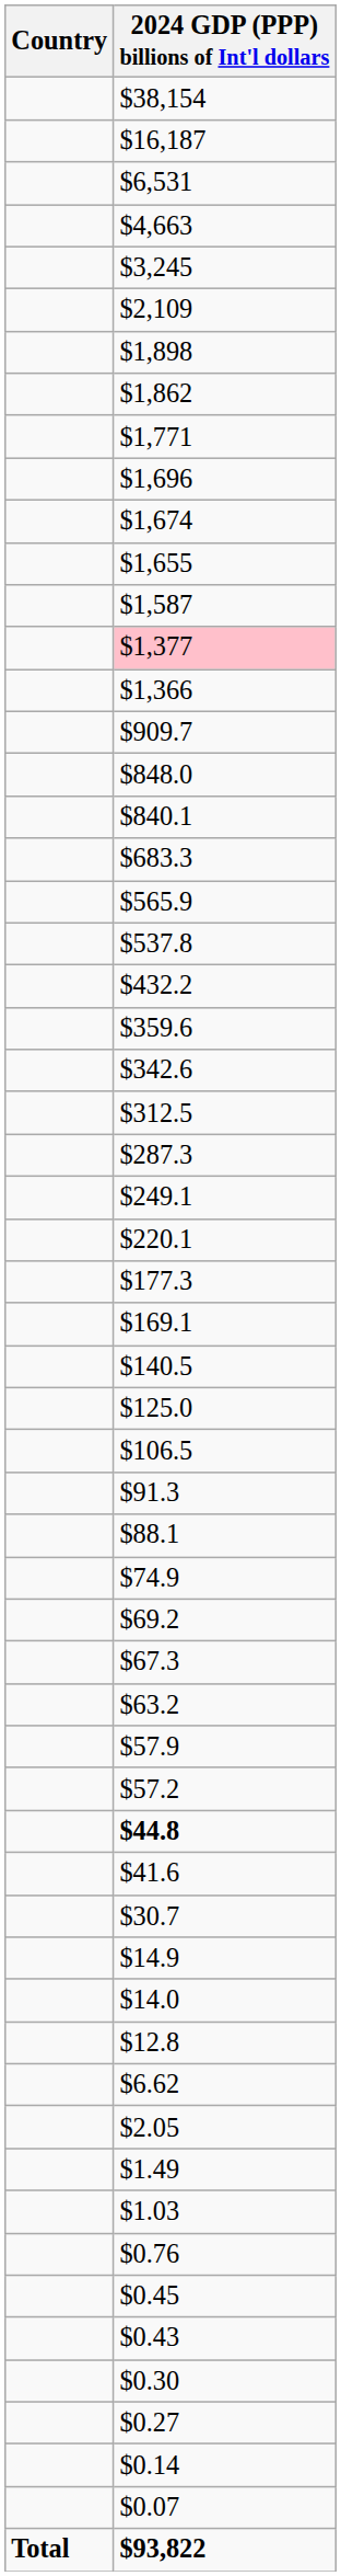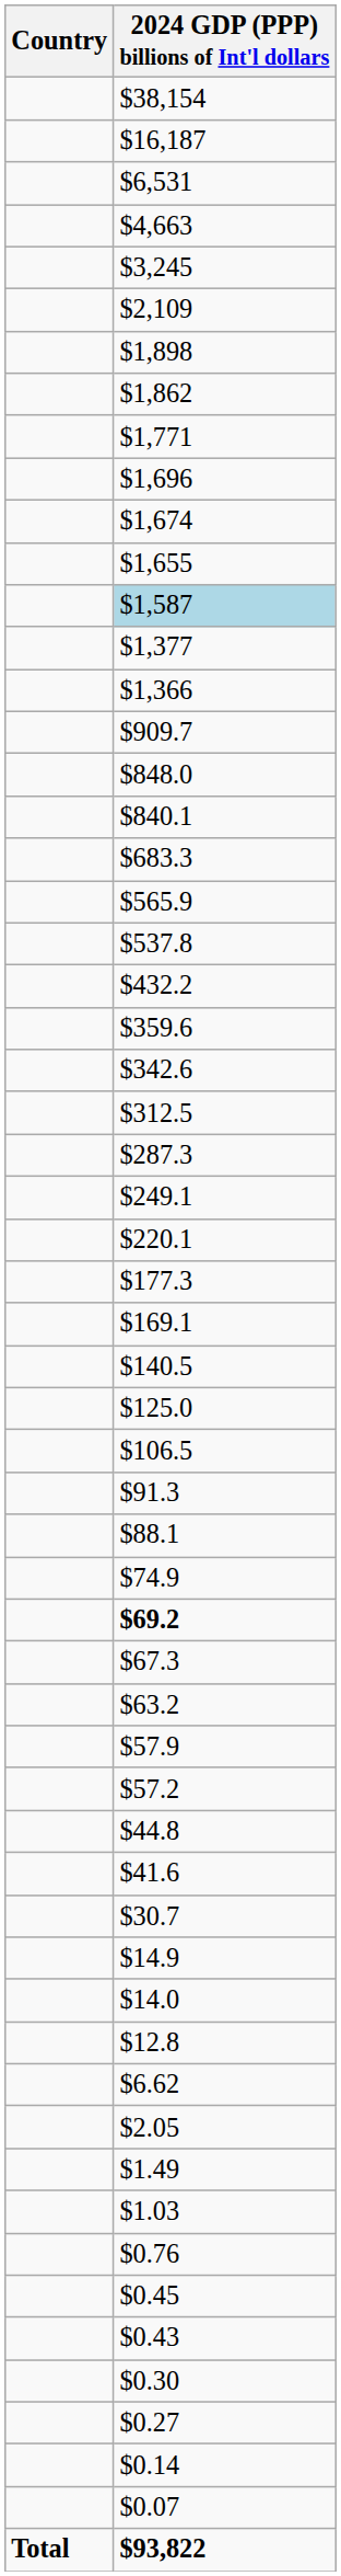 <table class="sortable wikitable sticky-header static-row-numbers col1left" >
 <tr>
 <th>Country</th>
 <th>2024 GDP (PPP)<br><small>billions of <a href='#'>Int'l dollars</a></small></th>
 </tr>
 <tr>
 <td></td>
 <td>$38,154</td>
 </tr>
 <tr>
 <td></td>
 <td>$16,187</td>
 </tr>
 <tr>
 <td></td>
 <td>$6,531</td>
 </tr>
 <tr>
 <td></td>
 <td>$4,663</td>
 </tr>
 <tr>
 <td></td>
 <td>$3,245</td>
 </tr>
 <tr>
 <td></td>
 <td>$2,109</td>
 </tr>
 <tr>
 <td></td>
 <td>$1,898</td>
 </tr>
 <tr>
 <td></td>
 <td>$1,862</td>
 </tr>
 <tr>
 <td></td>
 <td>$1,771</td>
 </tr>
 <tr>
 <td></td>
 <td>$1,696</td>
 </tr>
 <tr>
 <td></td>
 <td>$1,674</td>
 </tr>
 <tr>
 <td></td>
 <td>$1,655</td>
 </tr>
 <tr>
 <td></td>
-<td>$1,587</td>
+<td style="background: lightblue;">$1,587</td>
 </tr>
 <tr>
 <td></td>
-<td style="background: pink;">$1,377</td>
+<td>$1,377</td>
 </tr>
 <tr>
 <td></td>
 <td>$1,366</td>
 </tr>
 <tr>
 <td></td>
 <td>$909.7</td>
 </tr>
 <tr>
 <td></td>
 <td>$848.0</td>
 </tr>
 <tr>
 <td></td>
 <td>$840.1</td>
 </tr>
 <tr>
 <td></td>
 <td>$683.3</td>
 </tr>
 <tr>
 <td></td>
 <td>$565.9</td>
 </tr>
 <tr>
 <td></td>
 <td>$537.8</td>
 </tr>
 <tr>
 <td></td>
 <td>$432.2</td>
 </tr>
 <tr>
 <td></td>
 <td>$359.6</td>
 </tr>
 <tr>
 <td></td>
 <td>$342.6</td>
 </tr>
 <tr>
 <td></td>
 <td>$312.5</td>
 </tr>
 <tr>
 <td></td>
 <td>$287.3</td>
 </tr>
 <tr>
 <td></td>
 <td>$249.1</td>
 </tr>
 <tr>
 <td></td>
 <td>$220.1</td>
 </tr>
 <tr>
 <td></td>
 <td>$177.3</td>
 </tr>
 <tr>
 <td></td>
 <td>$169.1</td>
 </tr>
 <tr>
 <td></td>
 <td>$140.5</td>
 </tr>
 <tr>
 <td></td>
 <td>$125.0</td>
 </tr>
 <tr>
 <td></td>
 <td>$106.5</td>
 </tr>
 <tr>
 <td></td>
 <td>$91.3</td>
 </tr>
 <tr>
 <td></td>
 <td>$88.1</td>
 </tr>
 <tr>
 <td></td>
 <td>$74.9</td>
 </tr>
 <tr>
 <td></td>
-<td>$69.2</td>
+<td><strong>$69.2</strong></td>
 </tr>
 <tr>
 <td></td>
 <td>$67.3</td>
 </tr>
 <tr>
 <td></td>
 <td>$63.2</td>
 </tr>
 <tr>
 <td></td>
 <td>$57.9</td>
 </tr>
 <tr>
 <td></td>
 <td>$57.2</td>
 </tr>
 <tr>
 <td></td>
-<td><strong>$44.8</strong></td>
+<td>$44.8</td>
 </tr>
 <tr>
 <td></td>
 <td>$41.6</td>
 </tr>
 <tr>
 <td></td>
 <td>$30.7</td>
 </tr>
 <tr>
 <td></td>
 <td>$14.9</td>
 </tr>
 <tr>
 <td></td>
 <td>$14.0</td>
 </tr>
 <tr>
 <td></td>
 <td>$12.8</td>
 </tr>
 <tr>
 <td></td>
 <td>$6.62</td>
 </tr>
 <tr>
 <td></td>
 <td>$2.05</td>
 </tr>
 <tr>
 <td></td>
 <td>$1.49</td>
 </tr>
 <tr>
 <td></td>
 <td>$1.03</td>
 </tr>
 <tr>
 <td></td>
 <td>$0.76</td>
 </tr>
 <tr>
 <td></td>
 <td>$0.45</td>
 </tr>
 <tr>
 <td></td>
 <td>$0.43</td>
 </tr>
 <tr>
 <td></td>
 <td>$0.30</td>
 </tr>
 <tr>
 <td></td>
 <td>$0.27</td>
 </tr>
 <tr>
 <td></td>
 <td>$0.14</td>
 </tr>
 <tr>
 <td></td>
 <td>$0.07</td>
 </tr>
 <tr class="static-row-numbers-norank">
 <td><strong> Total </strong></td>
 <td><strong>$93,822</strong></td>
 </tr>
 </table>
